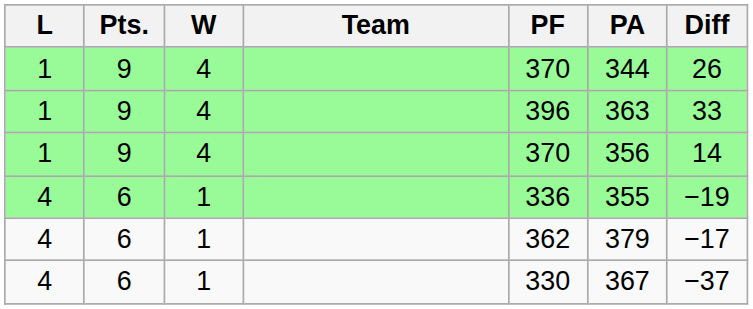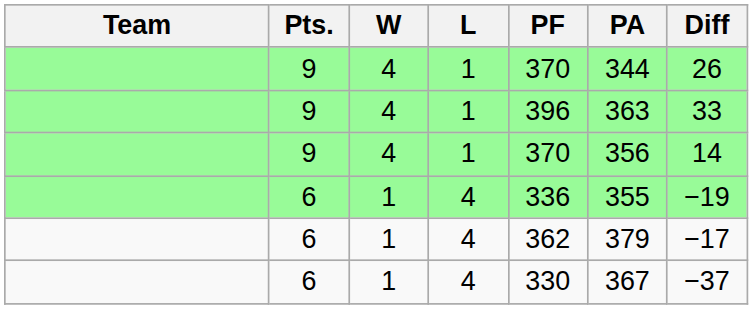 <table class=wikitable>
 <tr align=center>
-<th width=40px>L</th>
+<th width=150px>Team</th>
 <th width=40px>Pts.</th>
 <th width=40px>W</th>
-<th width=150px>Team</th>
+<th width=40px>L</th>
 <th width=40px>PF</th>
 <th width=40px>PA</th>
 <th width=40px>Diff</th>
 </tr>
 <tr align=center |- bgcolor="#98fb98">
-<td>1</td>
+<td align=left></td>
 <td>9</td>
 <td>4</td>
-<td align=left></td>
+<td>1</td>
 <td>370</td>
 <td>344</td>
 <td>26</td>
 </tr>
 <tr align=center |- bgcolor="#98fb98">
-<td>1</td>
+<td align=left></td>
 <td>9</td>
 <td>4</td>
-<td align=left></td>
+<td>1</td>
 <td>396</td>
 <td>363</td>
 <td>33</td>
 </tr>
 <tr align=center |- bgcolor="#98fb98">
-<td>1</td>
+<td align=left></td>
 <td>9</td>
 <td>4</td>
-<td align=left></td>
+<td>1</td>
 <td>370</td>
 <td>356</td>
 <td>14</td>
 </tr>
 <tr align=center |- bgcolor="#98fb98">
-<td>4</td>
+<td align=left></td>
 <td>6</td>
 <td>1</td>
-<td align=left></td>
+<td>4</td>
 <td>336</td>
 <td>355</td>
 <td>−19</td>
 </tr>
 <tr align=center>
-<td>4</td>
+<td align=left></td>
 <td>6</td>
 <td>1</td>
-<td align=left></td>
+<td>4</td>
 <td>362</td>
 <td>379</td>
 <td>−17</td>
 </tr>
 <tr align=center>
-<td>4</td>
+<td align=left></td>
 <td>6</td>
 <td>1</td>
-<td align=left></td>
+<td>4</td>
 <td>330</td>
 <td>367</td>
 <td>−37</td>
 </tr>
 </table>
